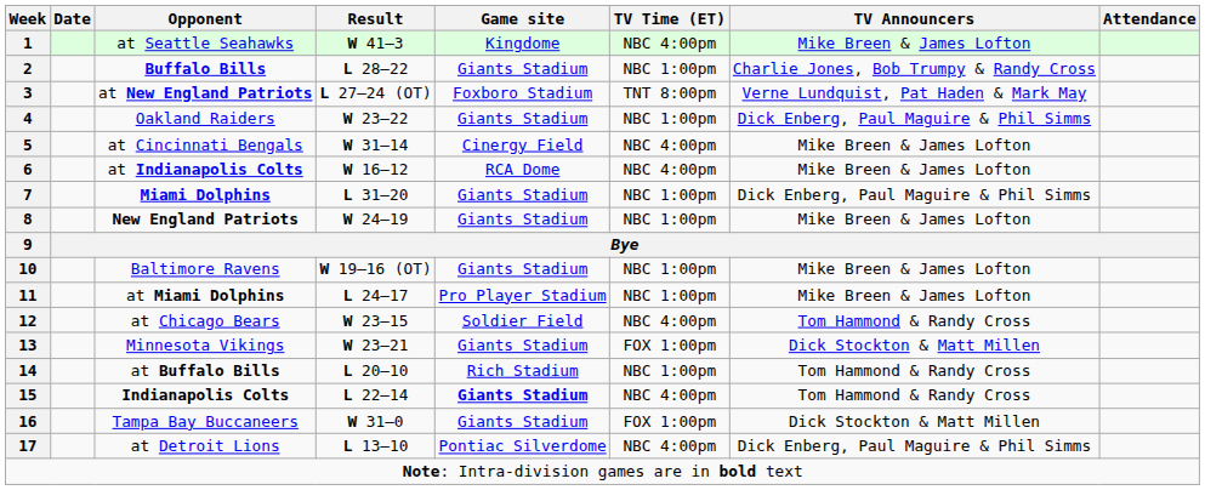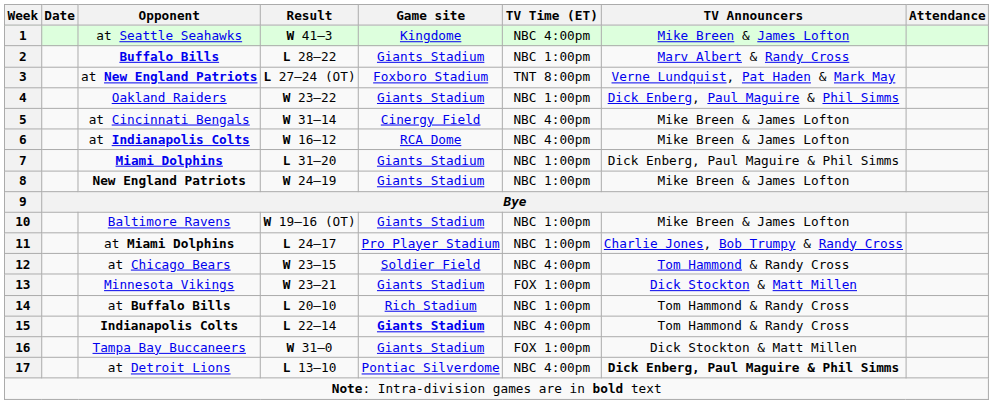 <table class="wikitable" style="text-align:center;">
 <tr>
 <th>Week</th>
 <th>Date</th>
 <th>Opponent</th>
 <th>Result</th>
 <th>Game site</th>
 <th>TV Time (ET)</th>
 <th>TV Announcers</th>
 <th>Attendance</th>
 </tr>
 <tr style="background: #ddffdd;">
 <th>1</th>
 <td></td>
 <td>at <a href='#'>Seattle Seahawks</a></td>
 <td><strong>W</strong> 41–3</td>
 <td><a href='#'>Kingdome</a></td>
 <td>NBC 4:00pm</td>
 <td><a href='#'>Mike Breen</a> & <a href='#'>James Lofton</a></td>
 <td></td>
 </tr>
 <tr -style="background: #ffdddd;">
 <th>2</th>
 <td></td>
 <td><strong><a href='#'>Buffalo Bills</a></strong></td>
 <td><strong>L</strong> 28–22</td>
 <td><a href='#'>Giants Stadium</a></td>
 <td>NBC 1:00pm</td>
-<td><a href='#'>Charlie Jones</a>, <a href='#'>Bob Trumpy</a> & <a href='#'>Randy Cross</a></td>
+<td><a href='#'>Marv Albert</a> & <a href='#'>Randy Cross</a></td>
 <td></td>
 </tr>
 <tr -style="background: #ffdddd;">
 <th>3</th>
 <td></td>
 <td>at <strong><a href='#'>New England Patriots</a></strong></td>
 <td><strong>L</strong> 27–24 (OT)</td>
 <td><a href='#'>Foxboro Stadium</a></td>
 <td>TNT 8:00pm</td>
 <td><a href='#'>Verne Lundquist</a>, <a href='#'>Pat Haden</a> & <a href='#'>Mark May</a></td>
 <td></td>
 </tr>
 <tr -style="background: #ddffdd;">
 <th>4</th>
 <td></td>
 <td><a href='#'>Oakland Raiders</a></td>
 <td><strong>W</strong> 23–22</td>
 <td><a href='#'>Giants Stadium</a></td>
 <td>NBC 1:00pm</td>
 <td><a href='#'>Dick Enberg</a>, <a href='#'>Paul Maguire</a> & <a href='#'>Phil Simms</a></td>
 <td></td>
 </tr>
 <tr -style="background: #ddffdd;">
 <th>5</th>
 <td></td>
 <td>at <a href='#'>Cincinnati Bengals</a></td>
 <td><strong>W</strong> 31–14</td>
 <td><a href='#'>Cinergy Field</a></td>
 <td>NBC 4:00pm</td>
 <td>Mike Breen & James Lofton</td>
 <td></td>
 </tr>
 <tr -style="background: #ddffdd;">
 <th>6</th>
 <td></td>
 <td>at <strong><a href='#'>Indianapolis Colts</a></strong></td>
 <td><strong>W</strong> 16–12</td>
 <td><a href='#'>RCA Dome</a></td>
 <td>NBC 4:00pm</td>
 <td>Mike Breen & James Lofton</td>
 <td></td>
 </tr>
 <tr -style="background: #ffdddd;">
 <th>7</th>
 <td></td>
 <td><strong><a href='#'>Miami Dolphins</a></strong></td>
 <td><strong>L</strong> 31–20</td>
 <td><a href='#'>Giants Stadium</a></td>
 <td>NBC 1:00pm</td>
 <td>Dick Enberg, Paul Maguire & Phil Simms</td>
 <td></td>
 </tr>
 <tr -style="background: #ddffdd;">
 <th>8</th>
 <td></td>
 <td><strong>New England Patriots</strong></td>
 <td><strong>W</strong> 24–19</td>
 <td><a href='#'>Giants Stadium</a></td>
 <td>NBC 1:00pm</td>
 <td>Mike Breen & James Lofton</td>
 <td></td>
 </tr>
 <tr>
 <th>9</th>
 <th colspan="7"><strong><em>Bye</em></strong></th>
 </tr>
 <tr -style="background: #ddffdd;">
 <th>10</th>
 <td></td>
 <td><a href='#'>Baltimore Ravens</a></td>
 <td><strong>W</strong> 19–16 (OT)</td>
 <td><a href='#'>Giants Stadium</a></td>
 <td>NBC 1:00pm</td>
 <td>Mike Breen & James Lofton</td>
 <td></td>
 </tr>
 <tr -style="background: #ffdddd;">
 <th>11</th>
 <td></td>
 <td>at <strong>Miami Dolphins</strong></td>
 <td><strong>L</strong> 24–17</td>
 <td><a href='#'>Pro Player Stadium</a></td>
 <td>NBC 1:00pm</td>
-<td>Mike Breen & James Lofton</td>
+<td><a href='#'>Charlie Jones</a>, <a href='#'>Bob Trumpy</a> & <a href='#'>Randy Cross</a></td>
 <td></td>
 </tr>
 <tr -style="background: #ddffdd;">
 <th>12</th>
 <td></td>
 <td>at <a href='#'>Chicago Bears</a></td>
 <td><strong>W</strong> 23–15</td>
 <td><a href='#'>Soldier Field</a></td>
 <td>NBC 4:00pm</td>
 <td><a href='#'>Tom Hammond</a> & Randy Cross</td>
 <td></td>
 </tr>
 <tr -style="background: #ddffdd;">
 <th>13</th>
 <td></td>
 <td><a href='#'>Minnesota Vikings</a></td>
 <td><strong>W</strong> 23–21</td>
 <td><a href='#'>Giants Stadium</a></td>
 <td>FOX 1:00pm</td>
 <td><a href='#'>Dick Stockton</a> & <a href='#'>Matt Millen</a></td>
 <td></td>
 </tr>
 <tr -style="background: #ffdddd;">
 <th>14</th>
 <td></td>
 <td>at <strong>Buffalo Bills</strong></td>
 <td><strong>L</strong> 20–10</td>
 <td><a href='#'>Rich Stadium</a></td>
 <td>NBC 1:00pm</td>
 <td>Tom Hammond & Randy Cross</td>
 <td></td>
 </tr>
 <tr -style="background: #ffdddd;">
 <th>15</th>
 <td></td>
 <td><strong>Indianapolis Colts</strong></td>
 <td><strong>L</strong> 22–14</td>
 <td><strong><a href='#'>Giants Stadium</a></strong></td>
 <td>NBC 4:00pm</td>
 <td>Tom Hammond & Randy Cross</td>
 <td></td>
 </tr>
 <tr -style="background: #ddffdd;">
 <th>16</th>
 <td></td>
 <td><a href='#'>Tampa Bay Buccaneers</a></td>
 <td><strong>W</strong> 31–0</td>
 <td><a href='#'>Giants Stadium</a></td>
 <td>FOX 1:00pm</td>
 <td>Dick Stockton & Matt Millen</td>
 <td></td>
 </tr>
 <tr -style="background: #ffdddd;">
 <th>17</th>
 <td></td>
 <td>at <a href='#'>Detroit Lions</a></td>
 <td><strong>L</strong> 13–10</td>
 <td><a href='#'>Pontiac Silverdome</a></td>
 <td>NBC 4:00pm</td>
-<td>Dick Enberg, Paul Maguire & Phil Simms</td>
+<td><strong>Dick Enberg, Paul Maguire & Phil Simms</strong></td>
 <td></td>
 </tr>
 <tr>
 <td colspan="8"><strong>Note</strong>: Intra-division games are in <strong>bold</strong> text</td>
 </tr>
 </table>
